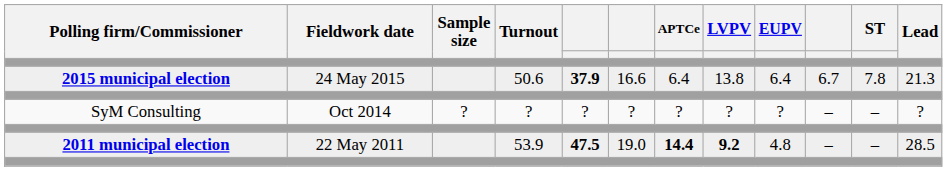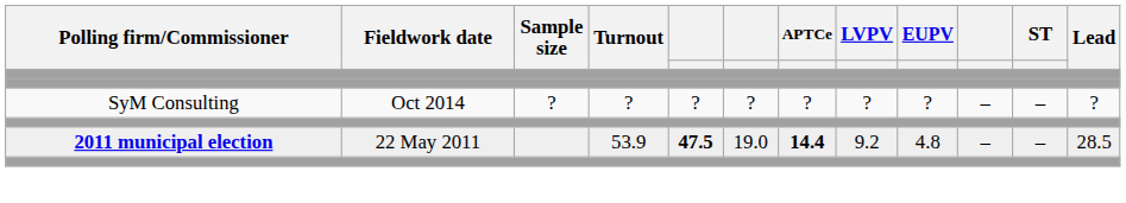 <table class="wikitable collapsible collapsed" style="text-align:center; font-size:95%; line-height:16px;">
 <tr style="height:42px;">
 <th style="width:250px;" rowspan="2">Polling firm/Commissioner</th>
 <th style="width:125px;" rowspan="2">Fieldwork date</th>
 <th style="width:50px;" rowspan="2">Sample size</th>
 <th style="width:45px;" rowspan="2">Turnout</th>
 <th style="width:35px;"></th>
 <th style="width:35px;"></th>
 <th style="width:35px; font-size:80%;">APTCe</th>
 <th style="width:35px;"><a href='#'>LVPV</a></th>
 <th style="width:35px; font-size:95%;"><a href='#'>EUPV</a></th>
 <th style="width:35px;"></th>
 <th style="width:35px;">ST</th>
 <th style="width:30px;" rowspan="2">Lead</th>
 </tr>
 <tr>
 <th style="color:inherit;background:"></th>
 <th style="color:inherit;background:"></th>
 <th style="color:inherit;background:"></th>
 <th style="color:inherit;background:"></th>
 <th style="color:inherit;background:"></th>
 <th style="color:inherit;background:"></th>
 <th style="color:inherit;background:"></th>
 </tr>
 <tr>
 <td colspan="12" style="background:#A0A0A0"></td>
-</tr>
-<tr style="background:#EFEFEF;">
-<td><strong><a href='#'>2015 municipal election</a></strong></td>
-<td>24 May 2015</td>
-<td></td>
-<td>50.6</td>
-<td><strong>37.9</strong><br></td>
-<td>16.6<br></td>
-<td>6.4<br></td>
-<td>13.8<br></td>
-<td>6.4<br></td>
-<td>6.7<br></td>
-<td>7.8<br></td>
-<td style="background:">21.3</td>
 </tr>
 <tr>
 <td colspan="12" style="background:#A0A0A0"></td>
 </tr>
 <tr>
 <td>SyM Consulting</td>
 <td>Oct 2014</td>
 <td>?</td>
 <td>?</td>
 <td>?<br></td>
 <td>?<br></td>
 <td>?<br></td>
 <td>?<br></td>
 <td>?<br></td>
 <td>–</td>
 <td>–</td>
 <td style="background:">?</td>
 </tr>
 <tr>
 <td colspan="12" style="background:#A0A0A0"></td>
 </tr>
 <tr style="background:#EFEFEF;">
 <td><strong><a href='#'>2011 municipal election</a></strong></td>
 <td>22 May 2011</td>
 <td></td>
 <td>53.9</td>
 <td><strong>47.5</strong><br></td>
 <td>19.0<br></td>
 <td><strong>14.4<br></strong></td>
-<td><strong>9.2<br></strong></td>
+<td>9.2<br></td>
 <td>4.8<br></td>
 <td>–</td>
 <td>–</td>
 <td style="background:">28.5</td>
 </tr>
 <tr>
 <td colspan="12" style="background:#A0A0A0"></td>
 </tr>
 </table>
